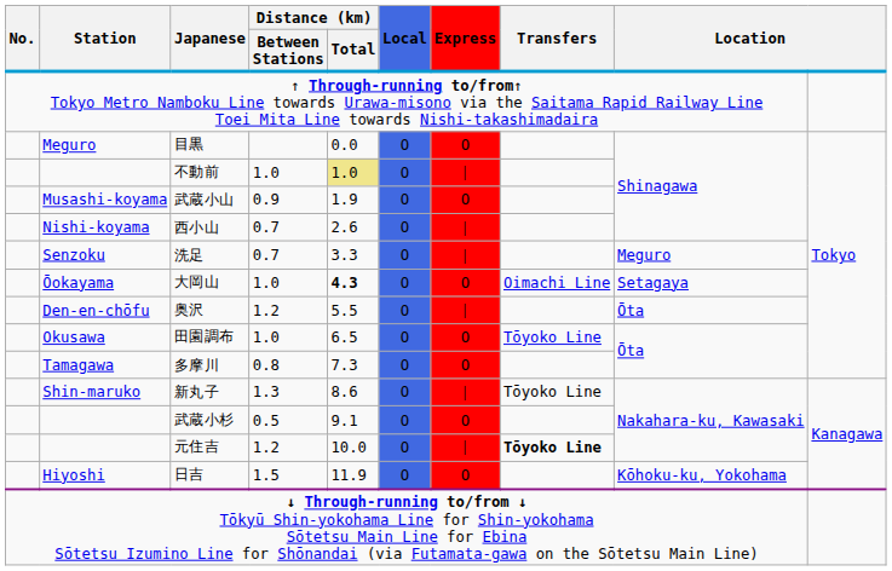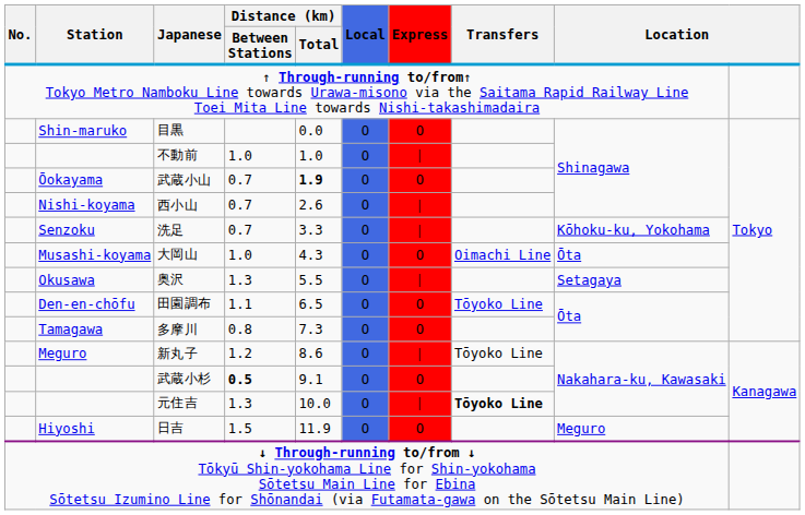 <table class=wikitable>
 <tr>
 <th rowspan=2 style="border-bottom:solid 3px #009cd2">No.</th>
 <th rowspan=2 style="border-bottom:solid 3px #009cd2">Station</th>
 <th rowspan=2 style="border-bottom:solid 3px #009cd2">Japanese</th>
 <th colspan=2>Distance (km)</th>
 <th rowspan=2 style="text-align:center; background:RoyalBlue;">Local</th>
 <th rowspan=2 style="text-align:center; background:Red;">Express</th>
 <th rowspan=2 style="border-bottom:solid 3px #009cd2">Transfers</th>
 <th rowspan=2 colspan="2" style="border-bottom:solid 3px #009cd2">Location</th>
 </tr>
 <tr style="border-bottom:solid 3px #009cd2">
 <th>Between<br>Stations</th>
 <th>Total</th>
 </tr>
 <tr>
 <td colspan="9" align="center">↑ <a href='#'><strong>Through-running</strong></a> <strong>to/from</strong>↑<br><a href='#'>Tokyo Metro Namboku Line</a> towards <a href='#'>Urawa-misono</a> via the <a href='#'>Saitama Rapid Railway Line</a><br><a href='#'>Toei Mita Line</a> towards <a href='#'>Nishi-takashimadaira</a></td>
 </tr>
 <tr>
 <td><br> </td>
-<td><a href='#'>Meguro</a></td>
+<td><a href='#'>Shin-maruko</a></td>
 <td>目黒</td>
 <td></td>
 <td>0.0</td>
 <td style="text-align:center; background:RoyalBlue;">O</td>
 <td style="text-align:center; background:Red;">O</td>
 <td></td>
 <td rowspan="4"><a href='#'>Shinagawa</a></td>
 <td rowspan="9"><a href='#'>Tokyo</a></td>
 </tr>
 <tr>
 <td></td>
 <td></td>
 <td>不動前</td>
 <td>1.0</td>
-<td style="background: khaki;">1.0</td>
+<td>1.0</td>
 <td style="text-align:center; background:RoyalBlue;">O</td>
 <td style="text-align:center; background:Red;">｜</td>
 <td> </td>
 </tr>
 <tr>
 <td></td>
-<td><a href='#'>Musashi-koyama</a></td>
+<td><a href='#'>Ōokayama</a></td>
 <td>武蔵小山</td>
-<td>0.9</td>
-<td>1.9</td>
+<td>0.7</td>
+<td><strong>1.9</strong></td>
 <td style="text-align:center; background:RoyalBlue;">O</td>
 <td style="text-align:center; background:Red;">O</td>
 </tr>
 <tr>
 <td></td>
 <td><a href='#'>Nishi-koyama</a></td>
 <td>西小山</td>
 <td>0.7</td>
 <td>2.6</td>
 <td style="text-align:center; background:RoyalBlue;">O</td>
 <td style="text-align:center; background:Red;">｜</td>
 <td> </td>
 </tr>
 <tr>
 <td></td>
 <td><a href='#'>Senzoku</a></td>
 <td>洗足</td>
 <td>0.7</td>
 <td>3.3</td>
 <td style="text-align:center; background:RoyalBlue;">O</td>
 <td style="text-align:center; background:Red;">｜</td>
 <td> </td>
-<td><a href='#'>Meguro</a></td>
+<td><a href='#'>Kōhoku-ku, Yokohama</a></td>
 </tr>
 <tr>
 <td></td>
-<td><a href='#'>Ōokayama</a></td>
+<td><a href='#'>Musashi-koyama</a></td>
 <td>大岡山</td>
 <td>1.0</td>
-<td><strong>4.3</strong></td>
+<td>4.3</td>
 <td style="text-align:center; background:RoyalBlue;">O</td>
 <td style="text-align:center; background:Red;">O</td>
 <td> <a href='#'>Oimachi Line</a></td>
+<td><a href='#'>Ōta</a></td>
+</tr>
+<tr>
+<td></td>
+<td><a href='#'>Okusawa</a></td>
+<td>奥沢</td>
+<td>1.3</td>
+<td>5.5</td>
+<td style="text-align:center; background:RoyalBlue;">O</td>
+<td style="text-align:center; background:Red;">｜</td>
+<td> </td>
 <td><a href='#'>Setagaya</a></td>
 </tr>
 <tr>
 <td></td>
 <td><a href='#'>Den-en-chōfu</a></td>
-<td>奥沢</td>
-<td>1.2</td>
-<td>5.5</td>
-<td style="text-align:center; background:RoyalBlue;">O</td>
-<td style="text-align:center; background:Red;">｜</td>
-<td> </td>
-<td><a href='#'>Ōta</a></td>
-</tr>
-<tr>
-<td></td>
-<td><a href='#'>Okusawa</a></td>
 <td>田園調布</td>
-<td>1.0</td>
+<td>1.1</td>
 <td>6.5</td>
 <td style="text-align:center; background:RoyalBlue;">O</td>
 <td style="text-align:center; background:Red;">O</td>
 <td> <a href='#'>Tōyoko Line</a></td>
 <td rowspan="2"><a href='#'>Ōta</a></td>
 </tr>
 <tr>
 <td></td>
 <td><a href='#'>Tamagawa</a></td>
 <td>多摩川</td>
 <td>0.8</td>
 <td>7.3</td>
 <td style="text-align:center; background:RoyalBlue;">O</td>
 <td style="text-align:center; background:Red;">O</td>
 <td></td>
 </tr>
 <tr>
 <td></td>
-<td><a href='#'>Shin-maruko</a></td>
+<td><a href='#'>Meguro</a></td>
 <td>新丸子</td>
-<td>1.3</td>
+<td>1.2</td>
 <td>8.6</td>
 <td style="text-align:center; background:RoyalBlue;">O</td>
 <td style="text-align:center; background:Red;">｜</td>
 <td> Tōyoko Line</td>
 <td rowspan="3"><a href='#'>Nakahara-ku, Kawasaki</a></td>
 <td rowspan="4"><a href='#'>Kanagawa</a></td>
 </tr>
 <tr>
 <td></td>
 <td></td>
 <td>武蔵小杉</td>
-<td>0.5</td>
+<td><strong>0.5</strong></td>
 <td>9.1</td>
 <td style="text-align:center; background:RoyalBlue;">O</td>
 <td style="text-align:center; background:Red;">O</td>
 <td></td>
 </tr>
 <tr>
 <td></td>
 <td></td>
 <td>元住吉</td>
-<td>1.2</td>
+<td>1.3</td>
 <td>10.0</td>
 <td style="text-align:center; background:RoyalBlue;">O</td>
 <td style="text-align:center; background:Red;">｜</td>
 <td><strong> Tōyoko Line</strong></td>
 </tr>
 <tr>
 <td><br></td>
 <td><a href='#'>Hiyoshi</a></td>
 <td>日吉</td>
 <td>1.5</td>
 <td>11.9</td>
 <td style="text-align:center; background:RoyalBlue;">O</td>
 <td style="text-align:center; background:Red;">O</td>
 <td></td>
-<td><a href='#'>Kōhoku-ku, Yokohama</a></td>
+<td><a href='#'>Meguro</a></td>
 </tr>
 <tr style="border-top:2px solid #8a1186;">
 <td colspan="9" align="center"><strong>↓ <a href='#'>Through-running</a> to/from ↓</strong><br> <a href='#'>Tōkyū Shin-yokohama Line</a> for <a href='#'>Shin-yokohama</a><br> <a href='#'>Sōtetsu Main Line</a> for <a href='#'>Ebina</a><br> <a href='#'>Sōtetsu Izumino Line</a> for <a href='#'>Shōnandai</a> (via <a href='#'>Futamata-gawa</a> on the Sōtetsu Main Line)</td>
 </tr>
 </table>
